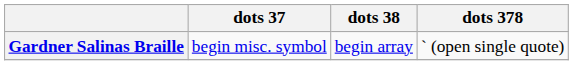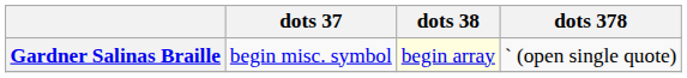 <table class="wikitable">
 <tr>
 <th></th>
 <th>dots 37</th>
 <th>dots 38</th>
 <th>dots 378</th>
 </tr>
 <tr>
 <th align=left><a href='#'>Gardner Salinas Braille</a></th>
 <td><a href='#'>begin misc. symbol</a></td>
-<td><a href='#'>begin array</a></td>
+<td style="background: lightyellow;"><a href='#'>begin array</a></td>
 <td>` (open single quote)</td>
 </tr>
 <tr>
 </tr>
 <tr>
 </tr>
 </table>
